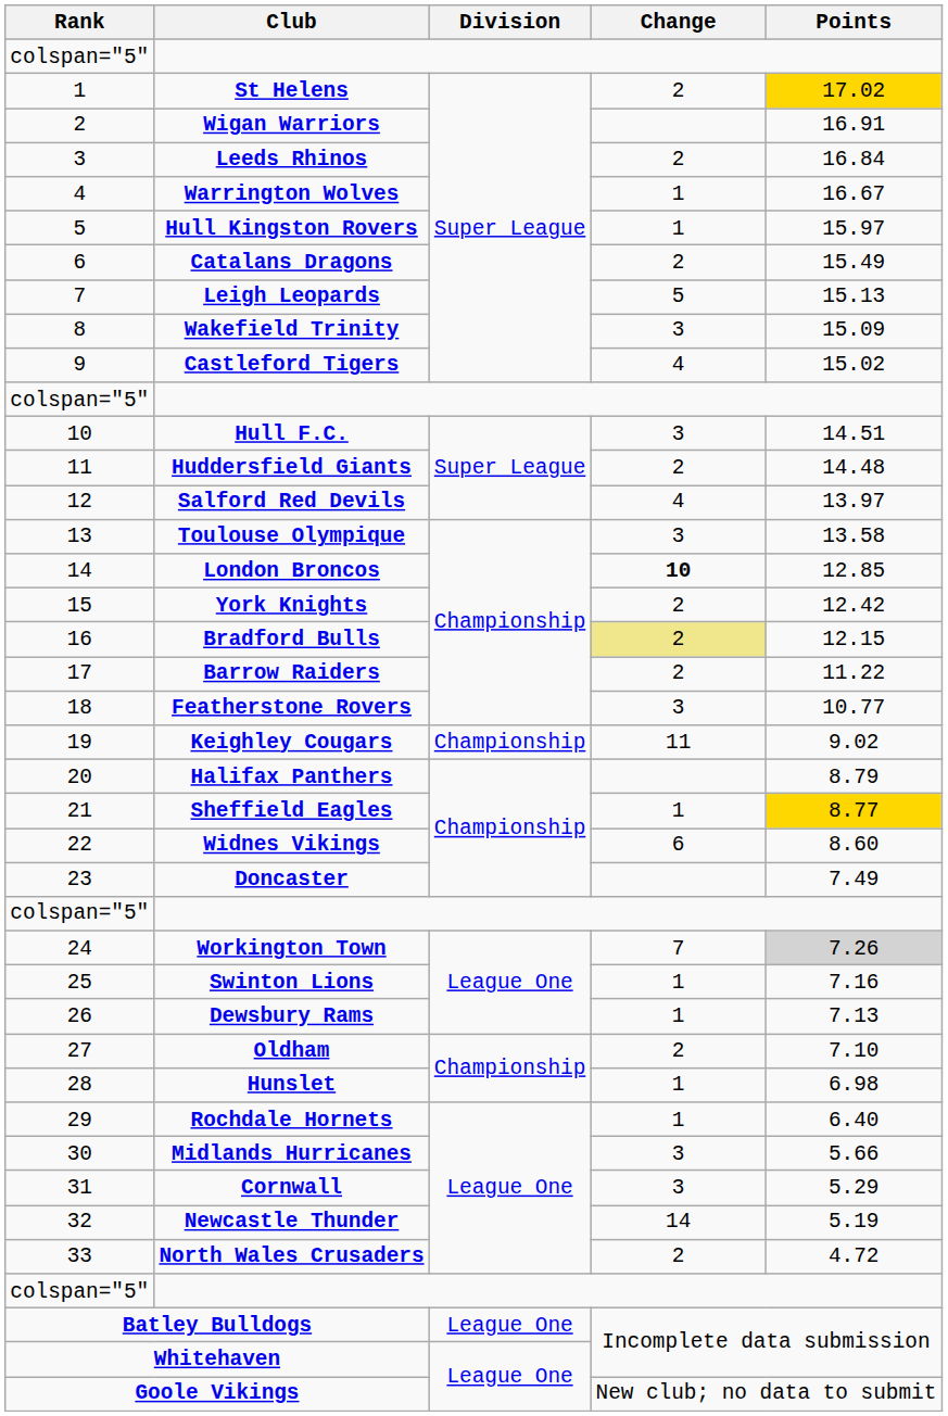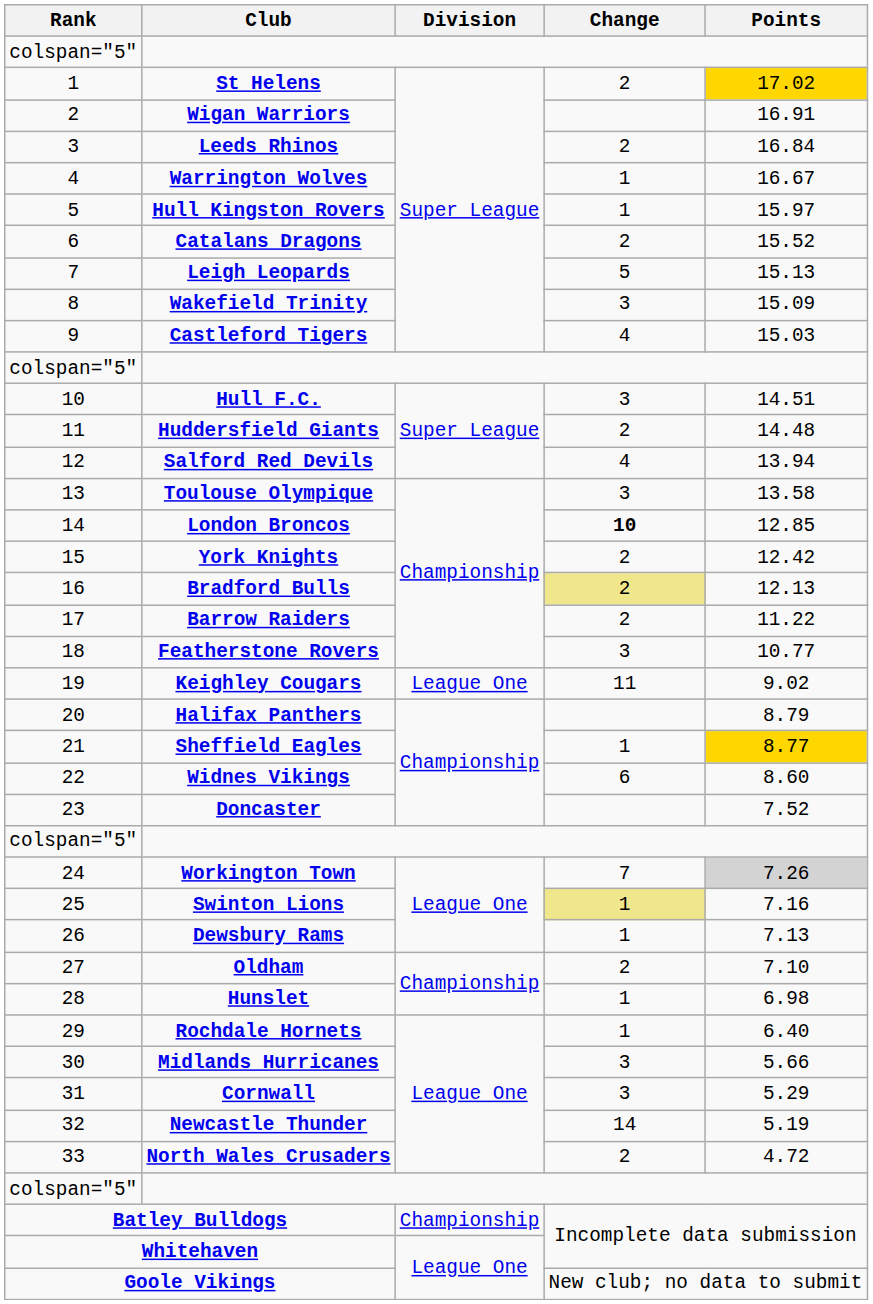 <table class="wikitable" style="text-align:center;"border="1" cellpadding="4" cellspacing="0">
 <tr bgcolor="#efefef">
 <th>Rank</th>
 <th>Club</th>
 <th>Division</th>
 <th>Change</th>
 <th>Points</th>
 </tr>
 <tr>
 <td>colspan="5"</td>
 </tr>
 <tr>
 <td>1</td>
 <td> <strong><a href='#'>St Helens</a></strong></td>
 <td rowspan="9"><a href='#'>Super League</a></td>
 <td> 2</td>
 <td style="background: gold;"> 17.02</td>
 </tr>
 <tr>
 <td>2</td>
 <td> <strong><a href='#'>Wigan Warriors</a></strong></td>
 <td></td>
 <td> 16.91</td>
 </tr>
 <tr>
 <td>3</td>
 <td> <strong><a href='#'>Leeds Rhinos</a></strong></td>
 <td> 2</td>
 <td> 16.84</td>
 </tr>
 <tr>
 <td>4</td>
 <td> <strong><a href='#'>Warrington Wolves</a></strong></td>
 <td> 1</td>
 <td> 16.67</td>
 </tr>
 <tr>
 <td>5</td>
 <td> <strong><a href='#'>Hull Kingston Rovers</a></strong></td>
 <td> 1</td>
 <td> 15.97</td>
 </tr>
 <tr>
 <td>6</td>
 <td> <strong><a href='#'>Catalans Dragons</a></strong></td>
 <td> 2</td>
-<td> 15.49</td>
+<td> 15.52</td>
 </tr>
 <tr>
 <td>7</td>
 <td> <strong><a href='#'>Leigh Leopards</a></strong></td>
 <td> 5</td>
 <td> 15.13</td>
 </tr>
 <tr>
 <td>8</td>
 <td> <strong><a href='#'>Wakefield Trinity</a></strong></td>
 <td> 3</td>
 <td> 15.09</td>
 </tr>
 <tr>
 <td>9</td>
 <td> <strong><a href='#'>Castleford Tigers</a></strong></td>
 <td> 4</td>
-<td> 15.02</td>
+<td> 15.03</td>
 </tr>
 <tr>
 <td>colspan="5"</td>
 </tr>
 <tr>
 <td>10</td>
 <td> <strong><a href='#'>Hull F.C.</a></strong></td>
 <td rowspan="3"><a href='#'>Super League</a></td>
 <td> 3</td>
 <td> 14.51</td>
 </tr>
 <tr>
 <td>11</td>
 <td> <strong><a href='#'>Huddersfield Giants</a></strong></td>
 <td> 2</td>
 <td> 14.48</td>
 </tr>
 <tr>
 <td>12</td>
 <td> <strong><a href='#'>Salford Red Devils</a></strong></td>
 <td> 4</td>
-<td> 13.97</td>
+<td> 13.94</td>
 </tr>
 <tr>
 <td>13</td>
 <td> <strong><a href='#'>Toulouse Olympique</a></strong></td>
 <td rowspan="6"><a href='#'>Championship</a></td>
 <td> 3</td>
 <td> 13.58</td>
 </tr>
 <tr>
 <td>14</td>
 <td> <strong><a href='#'>London Broncos</a></strong></td>
 <td><strong> 10</strong></td>
 <td> 12.85</td>
 </tr>
 <tr>
 <td>15</td>
 <td> <strong><a href='#'>York Knights</a></strong></td>
 <td> 2</td>
 <td> 12.42</td>
 </tr>
 <tr>
 <td>16</td>
 <td> <strong><a href='#'>Bradford Bulls</a></strong></td>
 <td style="background: khaki;"> 2</td>
-<td> 12.15</td>
+<td> 12.13</td>
 </tr>
 <tr>
 <td>17</td>
 <td> <strong><a href='#'>Barrow Raiders</a></strong></td>
 <td> 2</td>
 <td> 11.22</td>
 </tr>
 <tr>
 <td>18</td>
 <td> <strong><a href='#'>Featherstone Rovers</a></strong></td>
 <td> 3</td>
 <td> 10.77</td>
 </tr>
 <tr>
 <td>19</td>
 <td> <strong><a href='#'>Keighley Cougars</a></strong></td>
-<td><a href='#'>Championship</a></td>
+<td><a href='#'>League One</a></td>
 <td> 11</td>
 <td> 9.02</td>
 </tr>
 <tr>
 <td>20</td>
 <td> <strong><a href='#'>Halifax Panthers</a></strong></td>
 <td rowspan="4"><a href='#'>Championship</a></td>
 <td></td>
 <td> 8.79</td>
 </tr>
 <tr>
 <td>21</td>
 <td> <strong><a href='#'>Sheffield Eagles</a></strong></td>
 <td> 1</td>
 <td style="background: gold;"> 8.77</td>
 </tr>
 <tr>
 <td>22</td>
 <td> <strong><a href='#'>Widnes Vikings</a></strong></td>
 <td> 6</td>
 <td> 8.60</td>
 </tr>
 <tr>
 <td>23</td>
 <td> <strong><a href='#'>Doncaster</a></strong></td>
 <td></td>
-<td> 7.49</td>
+<td> 7.52</td>
 </tr>
 <tr>
 <td>colspan="5"</td>
 </tr>
 <tr>
 <td>24</td>
 <td> <strong><a href='#'>Workington Town</a></strong></td>
 <td rowspan="3"><a href='#'>League One</a></td>
 <td> 7</td>
 <td style="background: lightgrey;"> 7.26</td>
 </tr>
 <tr>
 <td>25</td>
 <td> <strong><a href='#'>Swinton Lions</a></strong></td>
-<td> 1</td>
+<td style="background: khaki;"> 1</td>
 <td> 7.16</td>
 </tr>
 <tr>
 <td>26</td>
 <td> <strong><a href='#'>Dewsbury Rams</a></strong></td>
 <td> 1</td>
 <td> 7.13</td>
 </tr>
 <tr>
 <td>27</td>
 <td> <strong><a href='#'>Oldham</a></strong></td>
 <td rowspan="2"><a href='#'>Championship</a></td>
 <td> 2</td>
 <td> 7.10</td>
 </tr>
 <tr>
 <td>28</td>
 <td> <strong><a href='#'>Hunslet</a></strong></td>
 <td> 1</td>
 <td> 6.98</td>
 </tr>
 <tr>
 <td>29</td>
 <td> <strong><a href='#'>Rochdale Hornets</a></strong></td>
 <td rowspan="5"><a href='#'>League One</a></td>
 <td> 1</td>
 <td> 6.40</td>
 </tr>
 <tr>
 <td>30</td>
 <td> <strong><a href='#'>Midlands Hurricanes</a></strong></td>
 <td> 3</td>
 <td> 5.66</td>
 </tr>
 <tr>
 <td>31</td>
 <td> <strong><a href='#'>Cornwall</a></strong></td>
 <td> 3</td>
 <td> 5.29</td>
 </tr>
 <tr>
 <td>32</td>
 <td> <strong><a href='#'>Newcastle Thunder</a></strong></td>
 <td> 14</td>
 <td> 5.19</td>
 </tr>
 <tr>
 <td>33</td>
 <td> <strong><a href='#'>North Wales Crusaders</a></strong></td>
 <td> 2</td>
 <td> 4.72</td>
 </tr>
 <tr>
 <td>colspan="5"</td>
 </tr>
 <tr>
 <td colspan="2"> <strong><a href='#'>Batley Bulldogs</a></strong></td>
-<td><a href='#'>League One</a></td>
+<td><a href='#'>Championship</a></td>
 <td rowspan="2" colspan="2">Incomplete data submission</td>
 </tr>
 <tr>
 <td colspan="2"> <strong><a href='#'>Whitehaven</a></strong></td>
 <td rowspan="2"><a href='#'>League One</a></td>
 </tr>
 <tr>
 <td colspan="2"> <strong><a href='#'>Goole Vikings</a></strong></td>
 <td colspan="2">New club; no data to submit</td>
 </tr>
 </table>
